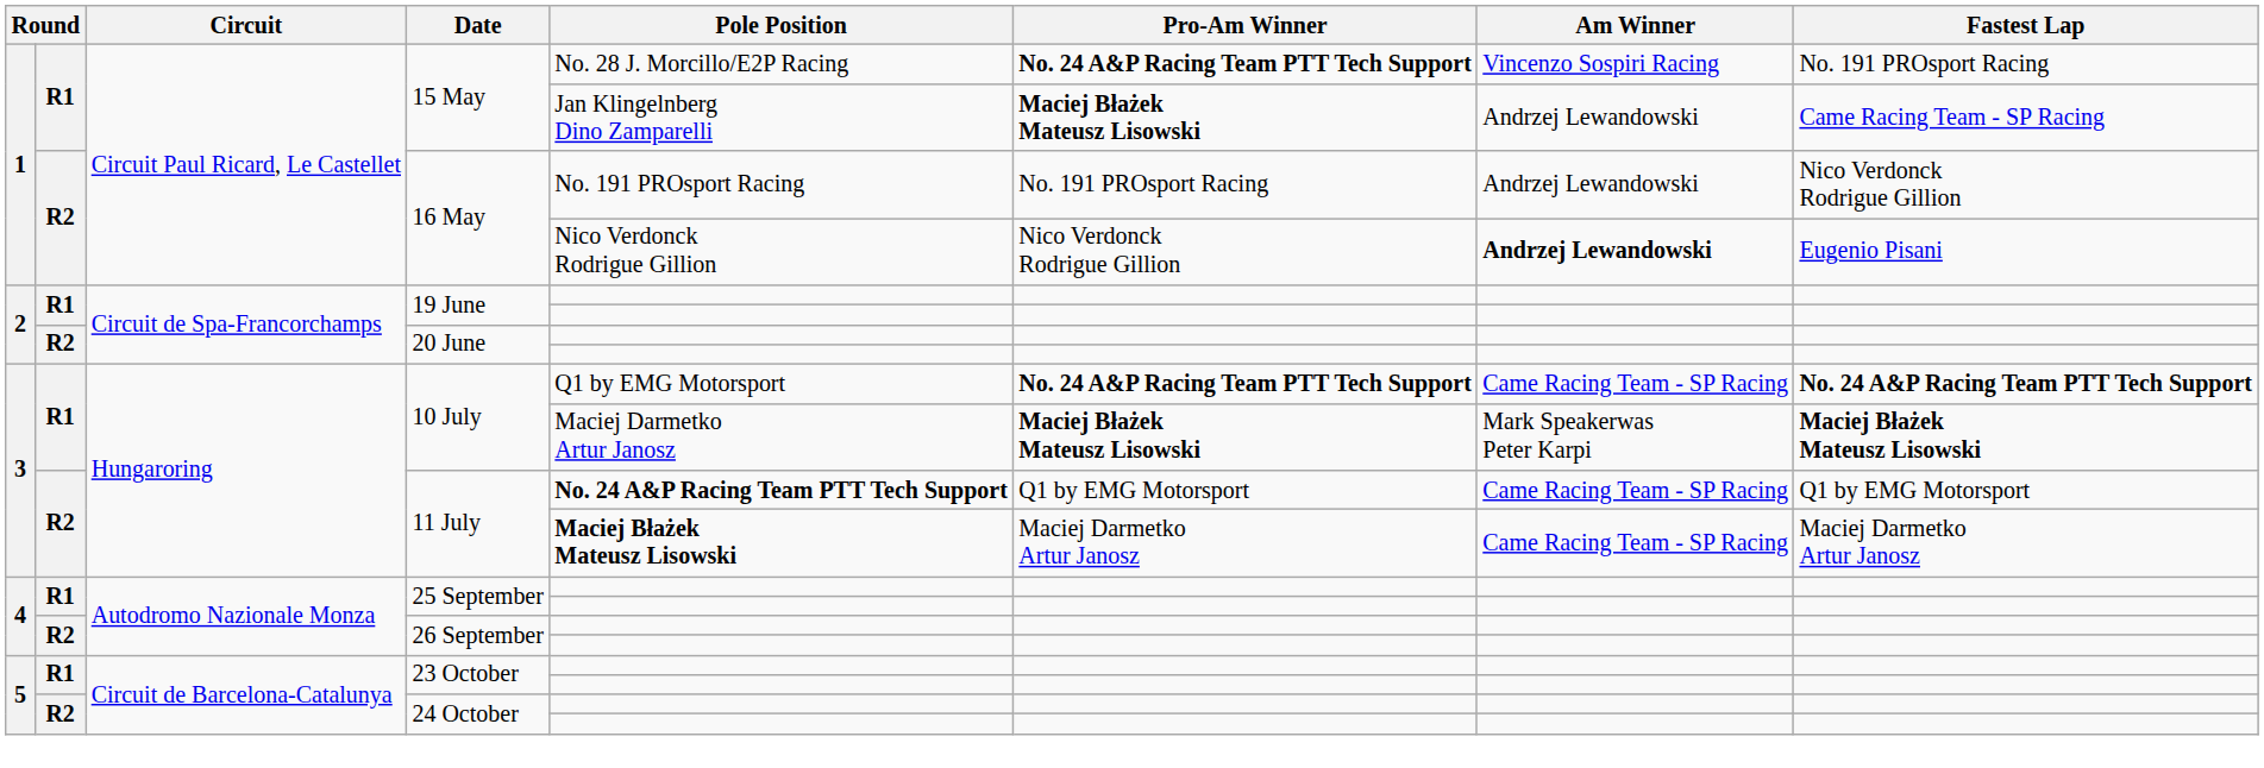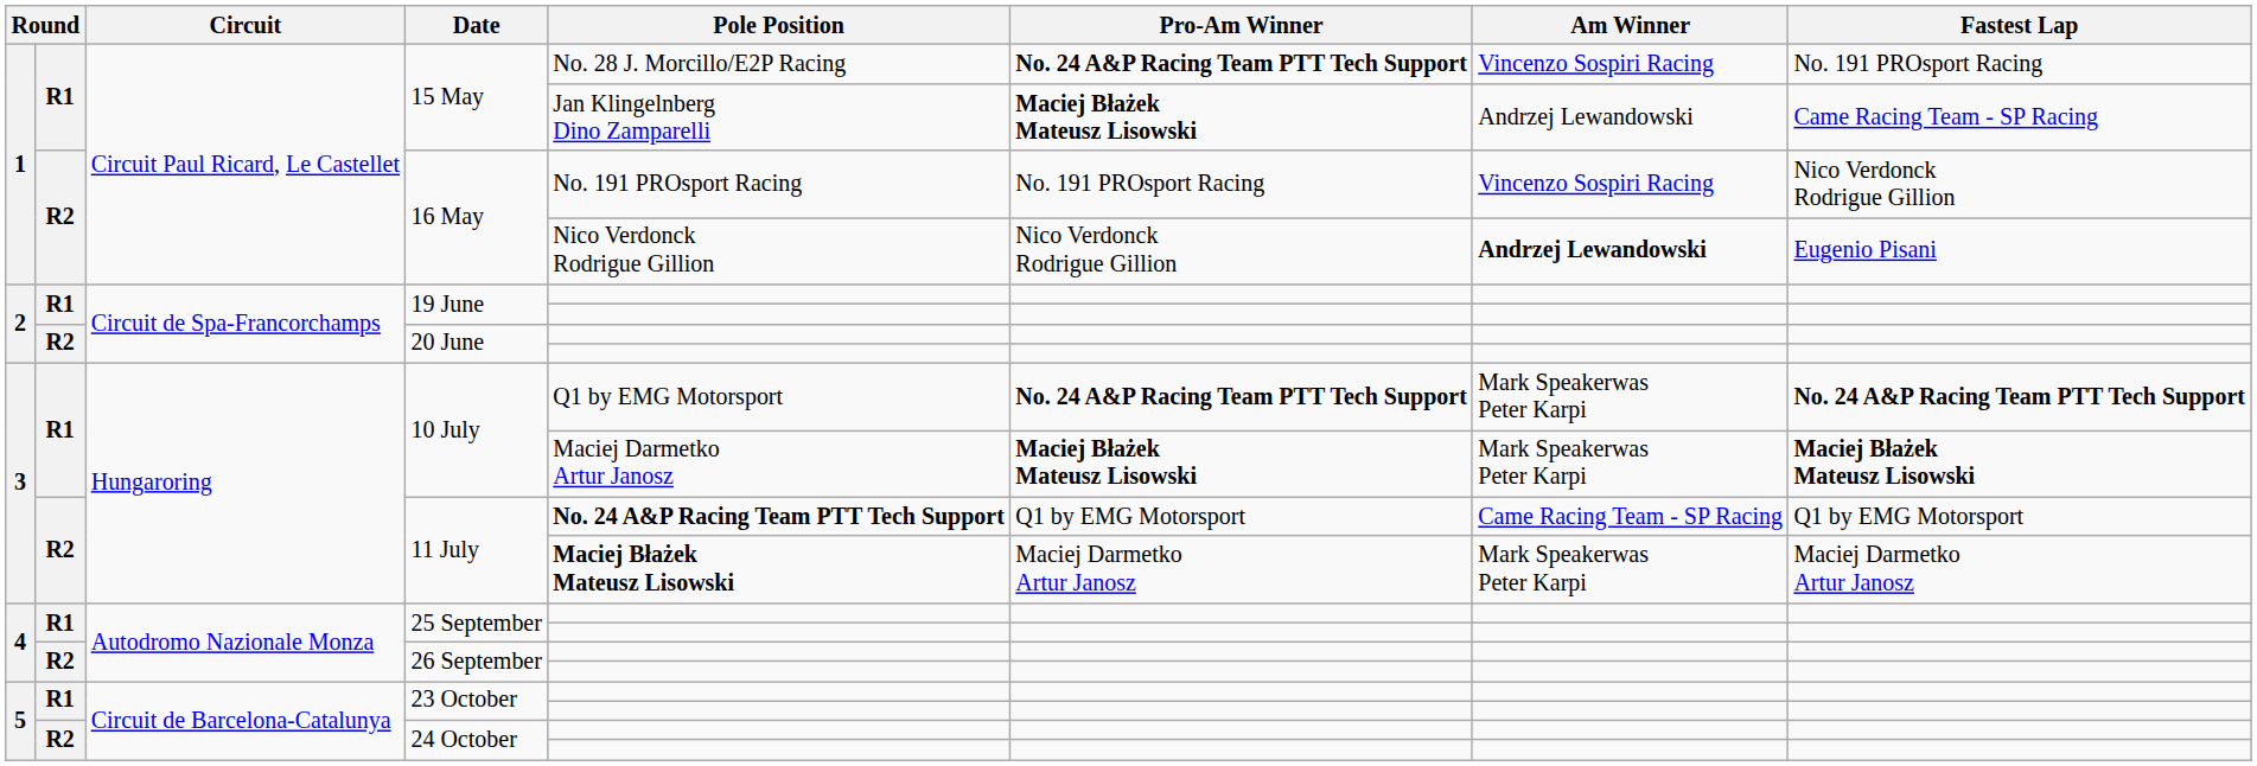 <table class="wikitable" style="font-size: 85%;">
 <tr>
 <th colspan="2">Round</th>
 <th>Circuit</th>
 <th>Date</th>
 <th>Pole Position</th>
 <th>Pro-Am Winner</th>
 <th>Am Winner</th>
 <th>Fastest Lap</th>
 </tr>
 <tr>
 <th rowspan="4">1</th>
 <th rowspan="2">R1</th>
 <td rowspan="4"> <a href='#'>Circuit Paul Ricard</a>, <a href='#'>Le Castellet</a></td>
 <td rowspan="2">15 May</td>
 <td> No. 28 J. Morcillo/E2P Racing</td>
 <td><strong> No. 24 A&P Racing Team PTT Tech Support</strong></td>
 <td> <a href='#'>Vincenzo Sospiri Racing</a></td>
 <td> No. 191 PROsport Racing</td>
 </tr>
 <tr>
 <td> Jan Klingelnberg<br> <a href='#'>Dino Zamparelli</a></td>
 <td><strong> Maciej Błażek<br> Mateusz Lisowski</strong></td>
 <td> Andrzej Lewandowski</td>
 <td> <a href='#'>Came Racing Team - SP Racing</a></td>
 </tr>
 <tr>
 <th rowspan="2">R2</th>
 <td rowspan="2">16 May</td>
 <td> No. 191 PROsport Racing</td>
 <td> No. 191 PROsport Racing</td>
-<td> Andrzej Lewandowski</td>
+<td> <a href='#'>Vincenzo Sospiri Racing</a></td>
 <td> Nico Verdonck<br> Rodrigue Gillion</td>
 </tr>
 <tr>
 <td> Nico Verdonck<br> Rodrigue Gillion</td>
 <td> Nico Verdonck<br> Rodrigue Gillion</td>
 <td><strong> Andrzej Lewandowski</strong></td>
 <td> <a href='#'>Eugenio Pisani</a></td>
 </tr>
 <tr>
 <th rowspan="4">2</th>
 <th rowspan="2">R1</th>
 <td rowspan="4"> <a href='#'>Circuit de Spa-Francorchamps</a></td>
 <td rowspan="2">19 June</td>
 <td></td>
 <td></td>
 <td></td>
 <td></td>
 </tr>
 <tr>
 <td></td>
 <td></td>
 <td></td>
 <td></td>
 </tr>
 <tr>
 <th rowspan="2">R2</th>
 <td rowspan="2">20 June</td>
 <td></td>
 <td></td>
 <td></td>
 <td></td>
 </tr>
 <tr>
 <td></td>
 <td></td>
 <td></td>
 <td></td>
 </tr>
 <tr>
 <th rowspan="4">3</th>
 <th rowspan="2">R1</th>
 <td rowspan="4"> <a href='#'>Hungaroring</a></td>
 <td rowspan="2">10 July</td>
 <td> Q1 by EMG Motorsport</td>
 <td><strong> No. 24 A&P Racing Team PTT Tech Support</strong></td>
-<td> <a href='#'>Came Racing Team - SP Racing</a></td>
+<td> Mark Speakerwas<br> Peter Karpi</td>
 <td><strong> No. 24 A&P Racing Team PTT Tech Support</strong></td>
 </tr>
 <tr>
 <td> Maciej Darmetko<br> <a href='#'>Artur Janosz</a></td>
 <td><strong> Maciej Błażek<br> Mateusz Lisowski</strong></td>
 <td> Mark Speakerwas<br> Peter Karpi</td>
 <td><strong> Maciej Błażek<br> Mateusz Lisowski</strong></td>
 </tr>
 <tr>
 <th rowspan="2">R2</th>
 <td rowspan="2">11 July</td>
 <td><strong> No. 24 A&P Racing Team PTT Tech Support</strong></td>
 <td> Q1 by EMG Motorsport</td>
 <td> <a href='#'>Came Racing Team - SP Racing</a></td>
 <td> Q1 by EMG Motorsport</td>
 </tr>
 <tr>
 <td><strong> Maciej Błażek<br> Mateusz Lisowski</strong></td>
 <td> Maciej Darmetko<br> <a href='#'>Artur Janosz</a></td>
-<td> <a href='#'>Came Racing Team - SP Racing</a></td>
+<td> Mark Speakerwas<br> Peter Karpi</td>
 <td> Maciej Darmetko<br> <a href='#'>Artur Janosz</a></td>
 </tr>
 <tr>
 <th rowspan="4">4</th>
 <th rowspan="2">R1</th>
 <td rowspan="4"> <a href='#'>Autodromo Nazionale Monza</a></td>
 <td rowspan="2">25 September</td>
 <td></td>
 <td></td>
 <td></td>
 <td></td>
 </tr>
 <tr>
 <td></td>
 <td></td>
 <td></td>
 <td></td>
 </tr>
 <tr>
 <th rowspan="2">R2</th>
 <td rowspan="2">26 September</td>
 <td></td>
 <td></td>
 <td></td>
 <td></td>
 </tr>
 <tr>
 <td></td>
 <td></td>
 <td></td>
 <td></td>
 </tr>
 <tr>
 <th rowspan="4">5</th>
 <th rowspan="2">R1</th>
 <td rowspan="4"> <a href='#'>Circuit de Barcelona-Catalunya</a></td>
 <td rowspan="2">23 October</td>
 <td></td>
 <td></td>
 <td></td>
 <td></td>
 </tr>
 <tr>
 <td></td>
 <td></td>
 <td></td>
 <td></td>
 </tr>
 <tr>
 <th rowspan="2">R2</th>
 <td rowspan="2">24 October</td>
 <td></td>
 <td></td>
 <td></td>
 <td></td>
 </tr>
 <tr>
 <td></td>
 <td></td>
 <td></td>
 <td></td>
 </tr>
 </table>
